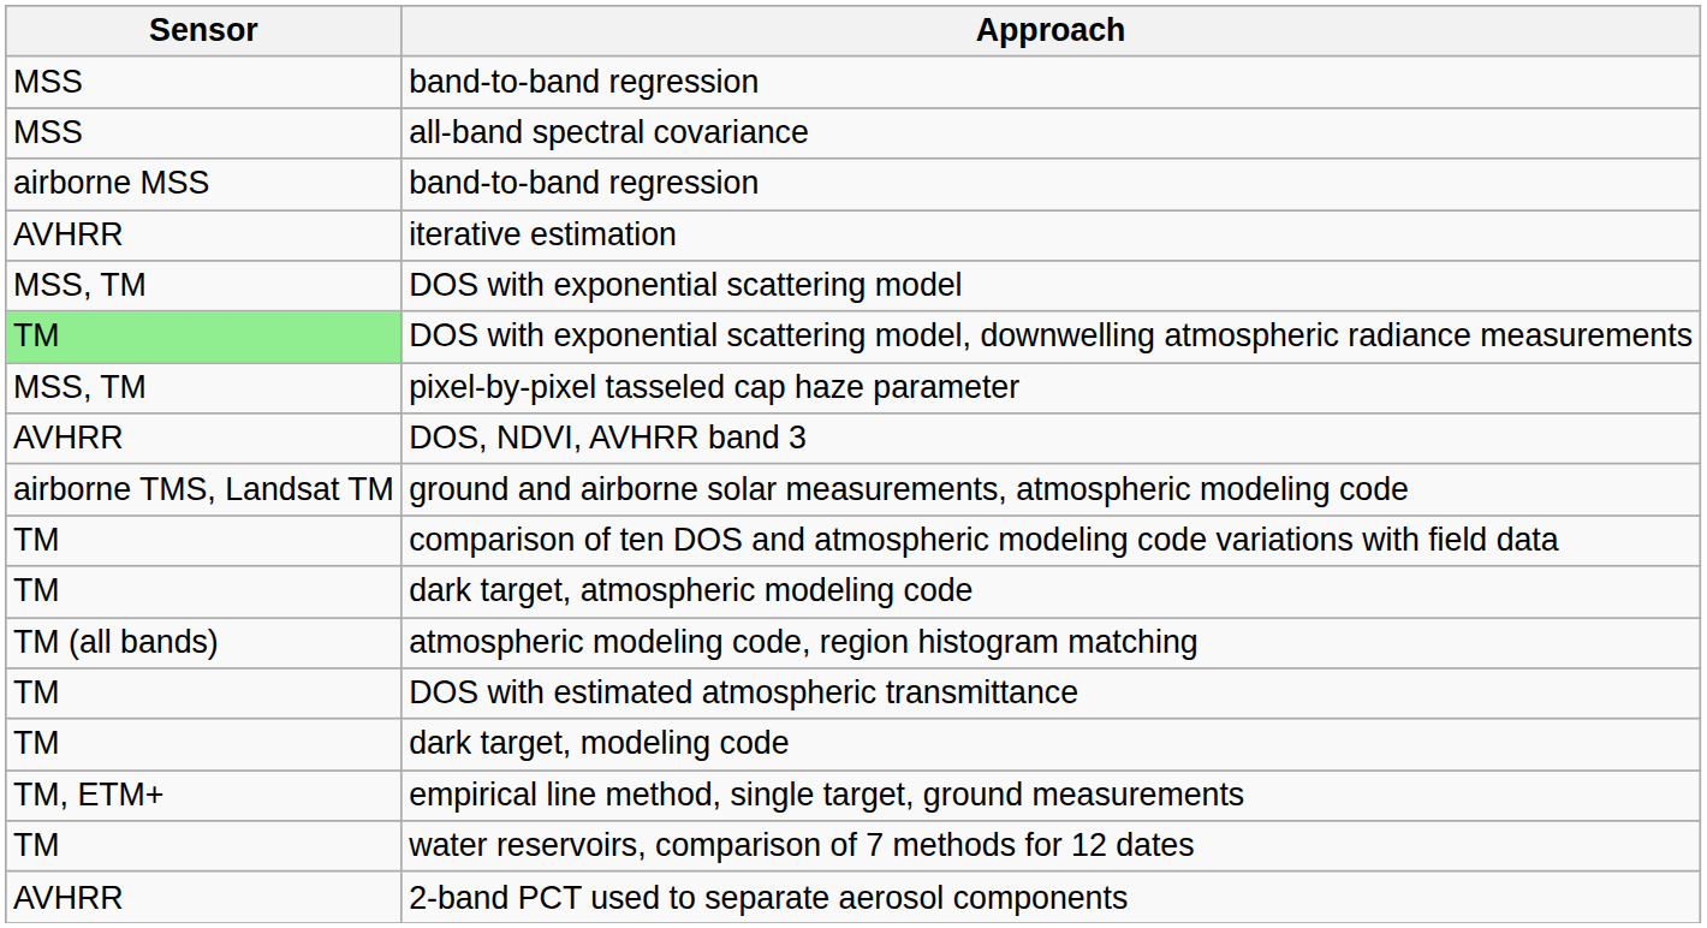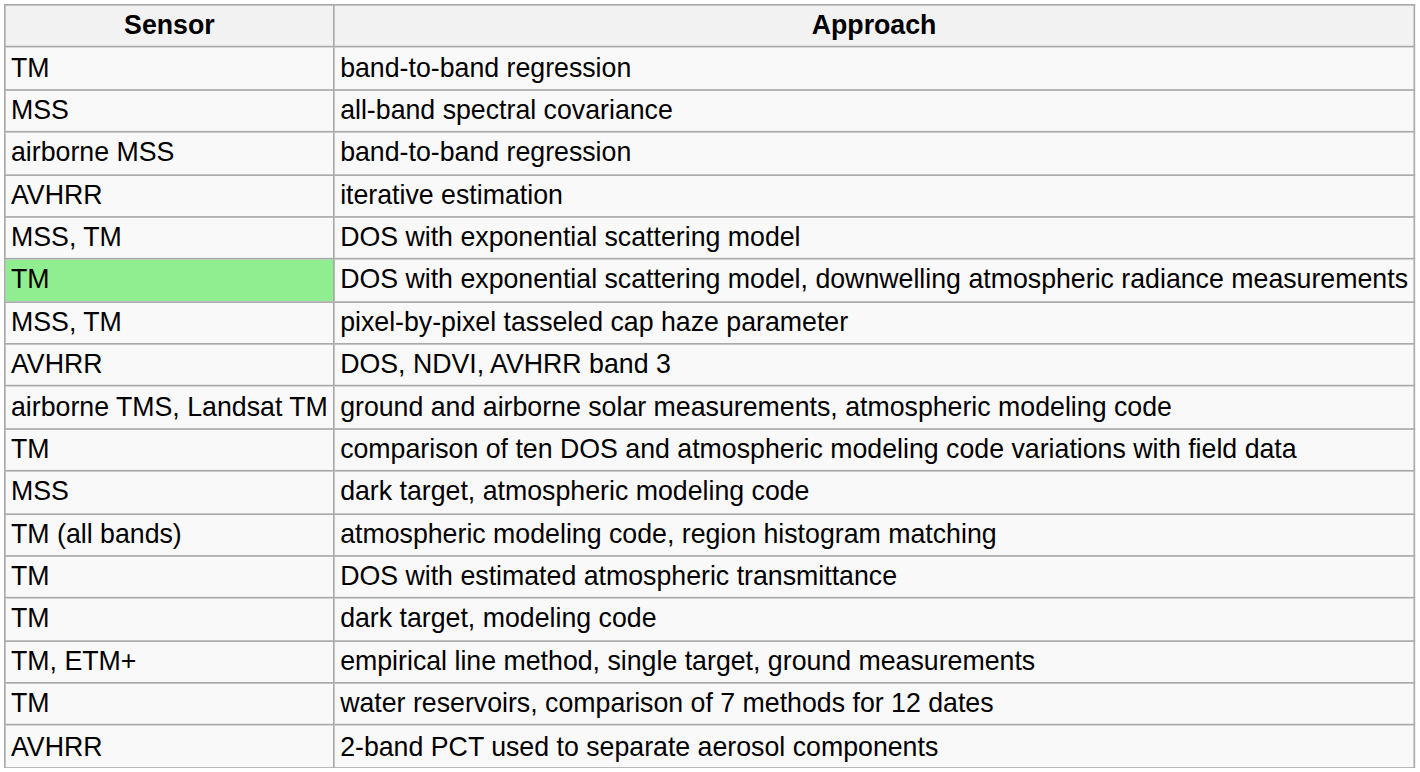 <table class="wikitable">
 <tr>
 <th scope="col">Sensor</th>
 <th scope="col">Approach</th>
 </tr>
 <tr>
-<td>MSS</td>
+<td>TM</td>
 <td>band-to-band regression </td>
 </tr>
 <tr>
 <td>MSS</td>
 <td>all-band spectral covariance </td>
 </tr>
 <tr>
 <td>airborne MSS</td>
 <td>band-to-band regression </td>
 </tr>
 <tr>
 <td>AVHRR</td>
 <td>iterative estimation </td>
 </tr>
 <tr>
 <td>MSS, TM</td>
 <td>DOS with exponential scattering model </td>
 </tr>
 <tr>
 <td style="background: lightgreen;">TM</td>
 <td>DOS with exponential scattering model, downwelling atmospheric radiance measurements </td>
 </tr>
 <tr>
 <td>MSS, TM</td>
 <td>pixel-by-pixel tasseled cap haze parameter </td>
 </tr>
 <tr>
 <td>AVHRR</td>
 <td>DOS, NDVI, AVHRR band 3 </td>
 </tr>
 <tr>
 <td>airborne TMS, Landsat TM</td>
 <td>ground and airborne solar measurements, atmospheric modeling code  </td>
 </tr>
 <tr>
 <td>TM</td>
 <td>comparison of ten DOS and atmospheric modeling code variations with field data </td>
 </tr>
 <tr>
-<td>TM</td>
+<td>MSS</td>
 <td>dark target, atmospheric modeling code</td>
 </tr>
 <tr>
 <td>TM (all bands)</td>
 <td>atmospheric modeling code, region histogram matching </td>
 </tr>
 <tr>
 <td>TM</td>
 <td>DOS with estimated atmospheric transmittance </td>
 </tr>
 <tr>
 <td>TM</td>
 <td>dark target, modeling code </td>
 </tr>
 <tr>
 <td>TM, ETM+</td>
 <td>empirical line method, single target, ground measurements</td>
 </tr>
 <tr>
 <td>TM</td>
 <td>water reservoirs, comparison of 7 methods for 12 dates</td>
 </tr>
 <tr>
 <td>AVHRR</td>
 <td>2-band PCT used to separate aerosol components</td>
 </tr>
 </table>
